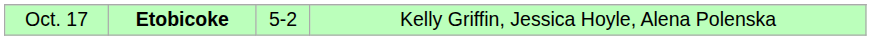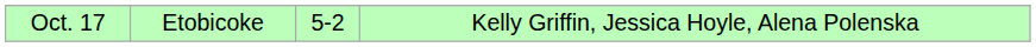 <table class="wikitable" width="80%">
 <tr align="center">
 </tr>
 <tr align="center" bgcolor="bbffbb">
 <td>Oct. 17</td>
-<td><strong>Etobicoke</strong></td>
+<td>Etobicoke</td>
 <td>5-2</td>
 <td>Kelly Griffin, Jessica Hoyle, Alena Polenska</td>
 </tr>
 </table>
